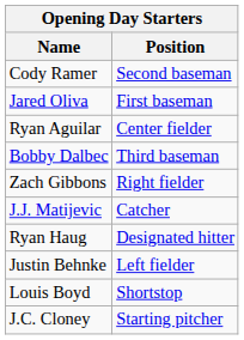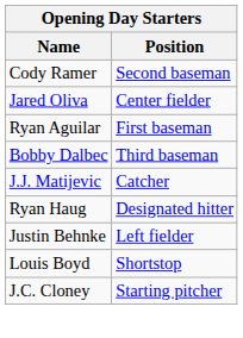 <table class="wikitable" style="text-align:left">
 <tr>
 <th colspan="2">Opening Day Starters</th>
 </tr>
 <tr>
 <th>Name</th>
 <th>Position</th>
 </tr>
 <tr>
 <td>Cody Ramer</td>
 <td><a href='#'>Second baseman</a></td>
 </tr>
 <tr>
 <td><a href='#'>Jared Oliva</a></td>
-<td><a href='#'>First baseman</a></td>
+<td><a href='#'>Center fielder</a></td>
 </tr>
 <tr>
 <td>Ryan Aguilar</td>
-<td><a href='#'>Center fielder</a></td>
+<td><a href='#'>First baseman</a></td>
 </tr>
 <tr>
 <td><a href='#'>Bobby Dalbec</a></td>
 <td><a href='#'>Third baseman</a></td>
-</tr>
-<tr>
-<td>Zach Gibbons</td>
-<td><a href='#'>Right fielder</a></td>
 </tr>
 <tr>
 <td><a href='#'>J.J. Matijevic</a></td>
 <td><a href='#'>Catcher</a></td>
 </tr>
 <tr>
 <td>Ryan Haug</td>
 <td><a href='#'>Designated hitter</a></td>
 </tr>
 <tr>
 <td>Justin Behnke</td>
 <td><a href='#'>Left fielder</a></td>
 </tr>
 <tr>
 <td>Louis Boyd</td>
 <td><a href='#'>Shortstop</a></td>
 </tr>
 <tr>
 <td>J.C. Cloney</td>
 <td><a href='#'>Starting pitcher</a></td>
 </tr>
 </table>
